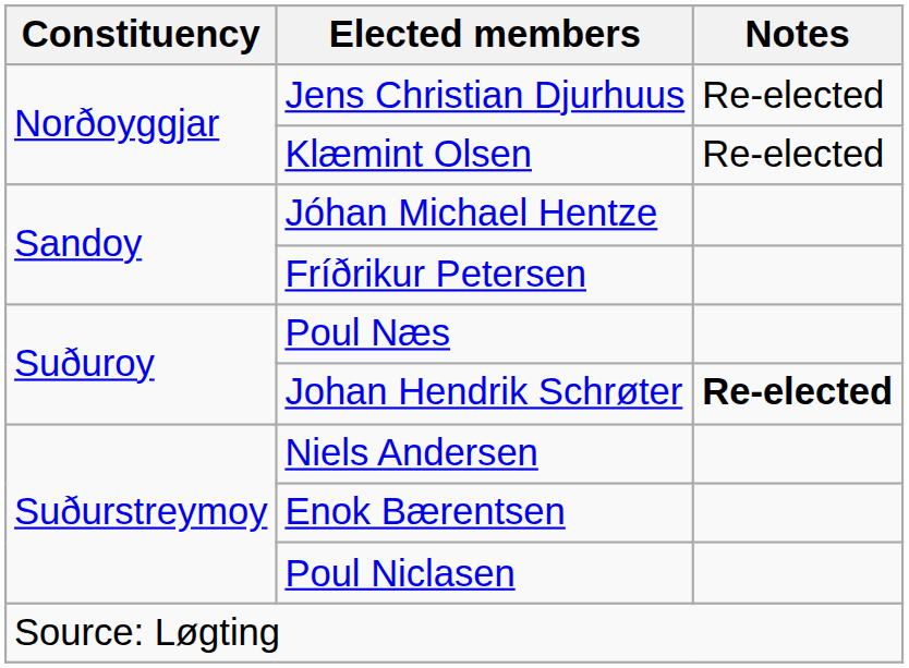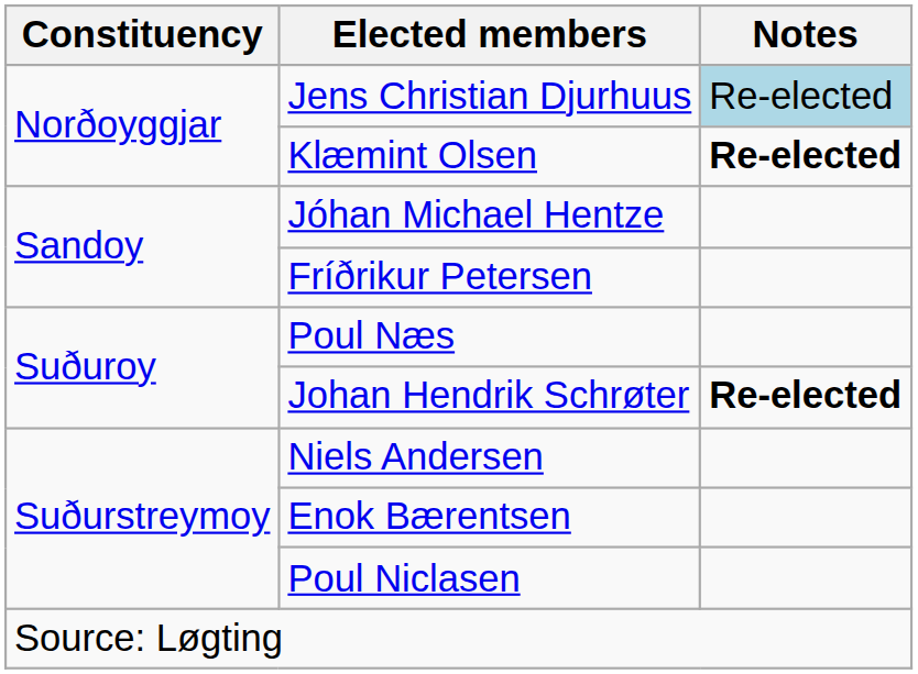 <table class=wikitable>
 <tr>
 <th>Constituency</th>
 <th>Elected members</th>
 <th>Notes</th>
 </tr>
 <tr>
 <td rowspan=2><a href='#'>Norðoyggjar</a></td>
 <td><a href='#'>Jens Christian Djurhuus</a></td>
-<td>Re-elected</td>
+<td style="background: lightblue;">Re-elected</td>
 </tr>
 <tr>
 <td><a href='#'>Klæmint Olsen</a></td>
-<td>Re-elected</td>
+<td><strong>Re-elected</strong></td>
 </tr>
 <tr>
 <td rowspan=2><a href='#'>Sandoy</a></td>
 <td><a href='#'>Jóhan Michael Hentze</a></td>
 <td></td>
 </tr>
 <tr>
 <td><a href='#'>Fríðrikur Petersen</a></td>
 </tr>
 <tr>
 <td rowspan=2><a href='#'>Suðuroy</a></td>
 <td><a href='#'>Poul Næs</a></td>
 <td></td>
 </tr>
 <tr>
 <td><a href='#'>Johan Hendrik Schrøter</a></td>
 <td><strong>Re-elected</strong></td>
 </tr>
 <tr>
 <td rowspan=3><a href='#'>Suðurstreymoy</a></td>
 <td><a href='#'>Niels Andersen</a></td>
 <td></td>
 </tr>
 <tr>
 <td><a href='#'>Enok Bærentsen</a></td>
 <td></td>
 </tr>
 <tr>
 <td><a href='#'>Poul Niclasen</a></td>
 <td></td>
 </tr>
 <tr>
 <td colspan=3>Source: Løgting</td>
 </tr>
 </table>
